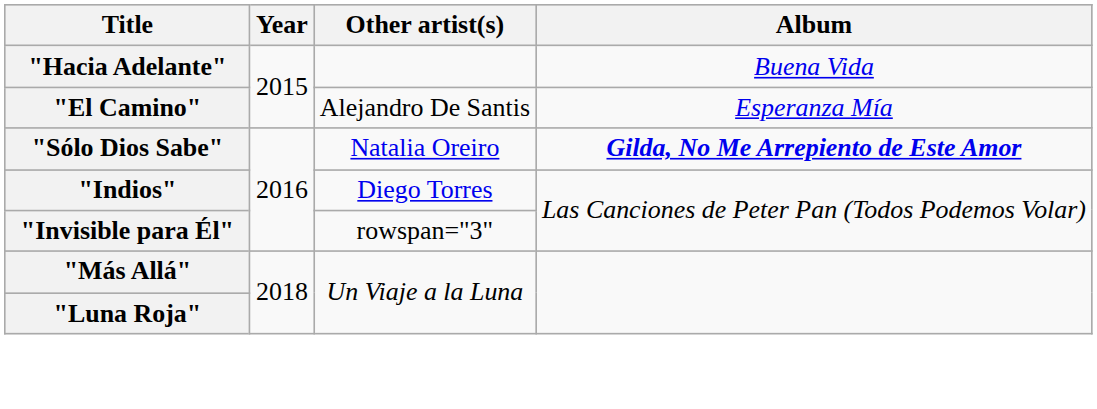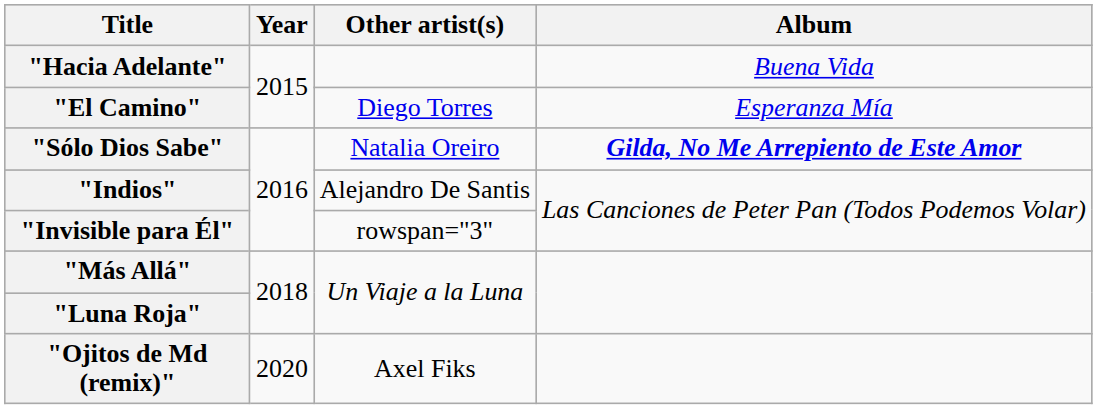 <table class="wikitable plainrowheaders" style="text-align:center">
 <tr>
 <th scope="col" style="width:9em">Title</th>
 <th scope="col">Year</th>
 <th scope="col">Other artist(s)</th>
 <th scope="col">Album</th>
 </tr>
 <tr>
 <th scope="row">"Hacia Adelante"</th>
 <td rowspan="2">2015</td>
 <td></td>
 <td><em><a href='#'>Buena Vida</a></em></td>
 </tr>
 <tr>
 <th scope="row">"El Camino"</th>
-<td>Alejandro De Santis</td>
+<td><a href='#'>Diego Torres</a></td>
 <td><em><a href='#'>Esperanza Mía</a></em></td>
 </tr>
 <tr>
 <th scope="row">"Sólo Dios Sabe"</th>
 <td rowspan="3">2016</td>
 <td><a href='#'>Natalia Oreiro</a></td>
 <td><strong><em><a href='#'>Gilda, No Me Arrepiento de Este Amor</a></em></strong></td>
 </tr>
 <tr>
 <th scope="row">"Indios"</th>
-<td><a href='#'>Diego Torres</a></td>
+<td>Alejandro De Santis</td>
 <td rowspan="2"><em>Las Canciones de Peter Pan (Todos Podemos Volar)</em></td>
 </tr>
 <tr>
 <th scope="row">"Invisible para Él"</th>
 <td>rowspan="3" </td>
 </tr>
 <tr>
 <th scope="row">"Más Allá"</th>
 <td rowspan="2">2018</td>
 <td rowspan="2"><em>Un Viaje a la Luna</em></td>
 </tr>
 <tr>
 <th scope="row">"Luna Roja"</th>
 </tr>
+<tr>
+<th scope="row">"Ojitos de Md (remix)"</th>
+<td>2020</td>
+<td>Axel Fiks</td>
+<td></td>
+</tr>
 </table>
